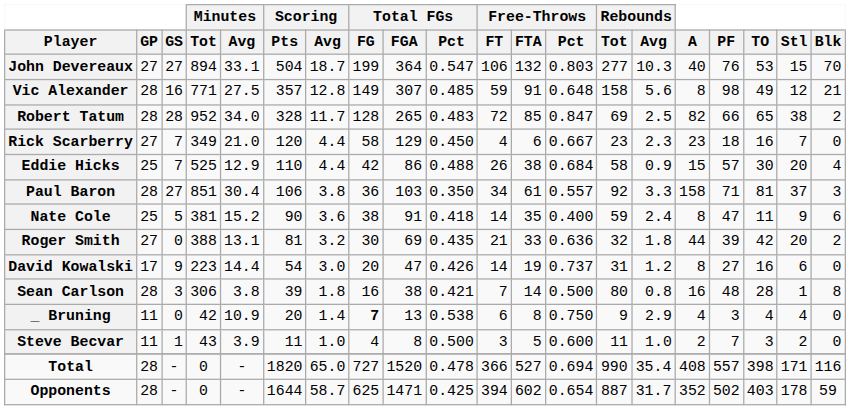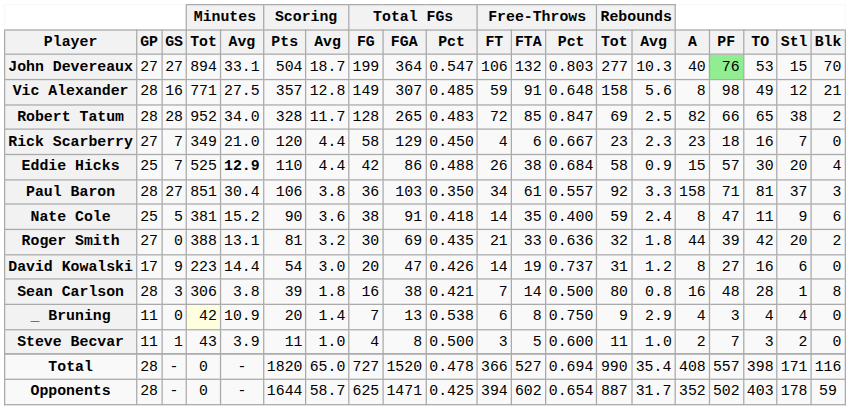 <table class="wikitable sortable" border="1" style="font-size:90%;">
 <tr>
 <th colspan="3" style="border-top-style:hidden; border-left-style:hidden; background: white;"></th>
 <th colspan="2" style=>Minutes</th>
 <th colspan="2" style=>Scoring</th>
 <th colspan="3" style=>Total FGs</th>
 <th colspan="3" style=>Free-Throws</th>
 <th colspan="2" style=>Rebounds</th>
 <th colspan="5" style="border-top-style:hidden; border-right-style:hidden; background: white;"></th>
 </tr>
 <tr>
 <th scope="col" style=>Player</th>
 <th scope="col" style=>GP</th>
 <th scope="col" style=>GS</th>
 <th scope="col" style=>Tot</th>
 <th scope="col" style=>Avg</th>
 <th scope="col" style=>Pts</th>
 <th scope="col" style=>Avg</th>
 <th scope="col" style=>FG</th>
 <th scope="col" style=>FGA</th>
 <th scope="col" style=>Pct</th>
 <th scope="col" style=>FT</th>
 <th scope="col" style=>FTA</th>
 <th scope="col" style=>Pct</th>
 <th scope="col" style=>Tot</th>
 <th scope="col" style=>Avg</th>
 <th scope="col" style=>A</th>
 <th scope="col" style=>PF</th>
 <th scope="col" style=>TO</th>
 <th scope="col" style=>Stl</th>
 <th scope="col" style=>Blk</th>
 </tr>
 <tr>
 <th>John Devereaux</th>
 <td align="right">27</td>
 <td align="right">27</td>
 <td align="right">894</td>
 <td align="right">33.1</td>
 <td align="right">504</td>
 <td align="right">18.7</td>
 <td align="right">199</td>
 <td align="right">364</td>
 <td align="right">0.547</td>
 <td align="right">106</td>
 <td align="right">132</td>
 <td align="right">0.803</td>
 <td align="right">277</td>
 <td align="right">10.3</td>
 <td align="right">40</td>
-<td align="right">76</td>
+<td align="right" style="background: lightgreen;">76</td>
 <td align="right">53</td>
 <td align="right">15</td>
 <td align="right">70</td>
 </tr>
 <tr>
 <th>Vic Alexander</th>
 <td align="right">28</td>
 <td align="right">16</td>
 <td align="right">771</td>
 <td align="right">27.5</td>
 <td align="right">357</td>
 <td align="right">12.8</td>
 <td align="right">149</td>
 <td align="right">307</td>
 <td align="right">0.485</td>
 <td align="right">59</td>
 <td align="right">91</td>
 <td align="right">0.648</td>
 <td align="right">158</td>
 <td align="right">5.6</td>
 <td align="right">8</td>
 <td align="right">98</td>
 <td align="right">49</td>
 <td align="right">12</td>
 <td align="right">21</td>
 </tr>
 <tr>
 <th>Robert Tatum</th>
 <td align="right">28</td>
 <td align="right">28</td>
 <td align="right">952</td>
 <td align="right">34.0</td>
 <td align="right">328</td>
 <td align="right">11.7</td>
 <td align="right">128</td>
 <td align="right">265</td>
 <td align="right">0.483</td>
 <td align="right">72</td>
 <td align="right">85</td>
 <td align="right">0.847</td>
 <td align="right">69</td>
 <td align="right">2.5</td>
 <td align="right">82</td>
 <td align="right">66</td>
 <td align="right">65</td>
 <td align="right">38</td>
 <td align="right">2</td>
 </tr>
 <tr>
 <th>Rick Scarberry</th>
 <td align="right">27</td>
 <td align="right">7</td>
 <td align="right">349</td>
 <td align="right">21.0</td>
 <td align="right">120</td>
 <td align="right">4.4</td>
 <td align="right">58</td>
 <td align="right">129</td>
 <td align="right">0.450</td>
 <td align="right">4</td>
 <td align="right">6</td>
 <td align="right">0.667</td>
 <td align="right">23</td>
 <td align="right">2.3</td>
 <td align="right">23</td>
 <td align="right">18</td>
 <td align="right">16</td>
 <td align="right">7</td>
 <td align="right">0</td>
 </tr>
 <tr>
 <th>Eddie Hicks</th>
 <td align="right">25</td>
 <td align="right">7</td>
 <td align="right">525</td>
-<td align="right">12.9</td>
+<td align="right"><strong>12.9</strong></td>
 <td align="right">110</td>
 <td align="right">4.4</td>
 <td align="right">42</td>
 <td align="right">86</td>
 <td align="right">0.488</td>
 <td align="right">26</td>
 <td align="right">38</td>
 <td align="right">0.684</td>
 <td align="right">58</td>
 <td align="right">0.9</td>
 <td align="right">15</td>
 <td align="right">57</td>
 <td align="right">30</td>
 <td align="right">20</td>
 <td align="right">4</td>
 </tr>
 <tr>
 <th>Paul Baron</th>
 <td align="right">28</td>
 <td align="right">27</td>
 <td align="right">851</td>
 <td align="right">30.4</td>
 <td align="right">106</td>
 <td align="right">3.8</td>
 <td align="right">36</td>
 <td align="right">103</td>
 <td align="right">0.350</td>
 <td align="right">34</td>
 <td align="right">61</td>
 <td align="right">0.557</td>
 <td align="right">92</td>
 <td align="right">3.3</td>
 <td align="right">158</td>
 <td align="right">71</td>
 <td align="right">81</td>
 <td align="right">37</td>
 <td align="right">3</td>
 </tr>
 <tr>
 <th>Nate Cole</th>
 <td align="right">25</td>
 <td align="right">5</td>
 <td align="right">381</td>
 <td align="right">15.2</td>
 <td align="right">90</td>
 <td align="right">3.6</td>
 <td align="right">38</td>
 <td align="right">91</td>
 <td align="right">0.418</td>
 <td align="right">14</td>
 <td align="right">35</td>
 <td align="right">0.400</td>
 <td align="right">59</td>
 <td align="right">2.4</td>
 <td align="right">8</td>
 <td align="right">47</td>
 <td align="right">11</td>
 <td align="right">9</td>
 <td align="right">6</td>
 </tr>
 <tr>
 <th>Roger Smith</th>
 <td align="right">27</td>
 <td align="right">0</td>
 <td align="right">388</td>
 <td align="right">13.1</td>
 <td align="right">81</td>
 <td align="right">3.2</td>
 <td align="right">30</td>
 <td align="right">69</td>
 <td align="right">0.435</td>
 <td align="right">21</td>
 <td align="right">33</td>
 <td align="right">0.636</td>
 <td align="right">32</td>
 <td align="right">1.8</td>
 <td align="right">44</td>
 <td align="right">39</td>
 <td align="right">42</td>
 <td align="right">20</td>
 <td align="right">2</td>
 </tr>
 <tr>
 <th>David Kowalski</th>
 <td align="right">17</td>
 <td align="right">9</td>
 <td align="right">223</td>
 <td align="right">14.4</td>
 <td align="right">54</td>
 <td align="right">3.0</td>
 <td align="right">20</td>
 <td align="right">47</td>
 <td align="right">0.426</td>
 <td align="right">14</td>
 <td align="right">19</td>
 <td align="right">0.737</td>
 <td align="right">31</td>
 <td align="right">1.2</td>
 <td align="right">8</td>
 <td align="right">27</td>
 <td align="right">16</td>
 <td align="right">6</td>
 <td align="right">0</td>
 </tr>
 <tr>
 <th>Sean Carlson</th>
 <td align="right">28</td>
 <td align="right">3</td>
 <td align="right">306</td>
 <td align="right">3.8</td>
 <td align="right">39</td>
 <td align="right">1.8</td>
 <td align="right">16</td>
 <td align="right">38</td>
 <td align="right">0.421</td>
 <td align="right">7</td>
 <td align="right">14</td>
 <td align="right">0.500</td>
 <td align="right">80</td>
 <td align="right">0.8</td>
 <td align="right">16</td>
 <td align="right">48</td>
 <td align="right">28</td>
 <td align="right">1</td>
 <td align="right">8</td>
 </tr>
 <tr>
 <th>_ Bruning</th>
 <td align="right">11</td>
 <td align="right">0</td>
-<td align="right">42</td>
+<td align="right" style="background: lightyellow;">42</td>
 <td align="right">10.9</td>
 <td align="right">20</td>
 <td align="right">1.4</td>
-<td align="right"><strong>7</strong></td>
+<td align="right">7</td>
 <td align="right">13</td>
 <td align="right">0.538</td>
 <td align="right">6</td>
 <td align="right">8</td>
 <td align="right">0.750</td>
 <td align="right">9</td>
 <td align="right">2.9</td>
 <td align="right">4</td>
 <td align="right">3</td>
 <td align="right">4</td>
 <td align="right">4</td>
 <td align="right">0</td>
 </tr>
 <tr>
 <th>Steve Becvar</th>
 <td align="right">11</td>
 <td align="right">1</td>
 <td align="right">43</td>
 <td align="right">3.9</td>
 <td align="right">11</td>
 <td align="right">1.0</td>
 <td align="right">4</td>
 <td align="right">8</td>
 <td align="right">0.500</td>
 <td align="right">3</td>
 <td align="right">5</td>
 <td align="right">0.600</td>
 <td align="right">11</td>
 <td align="right">1.0</td>
 <td align="right">2</td>
 <td align="right">7</td>
 <td align="right">3</td>
 <td align="right">2</td>
 <td align="right">0</td>
 </tr>
 <tr>
 </tr>
 <tr class="sortbottom">
 <td align="center" style=><strong>Total</strong></td>
 <td align="center" style=>28</td>
 <td align="center" style=>-</td>
 <td align="center" style=>0</td>
 <td align="center" style=>-</td>
 <td align="center" style=>1820</td>
 <td align="center" style=>65.0</td>
 <td align="center" style=>727</td>
 <td align="center" style=>1520</td>
 <td align="center" style=>0.478</td>
 <td align="center" style=>366</td>
 <td align="center" style=>527</td>
 <td align="center" style=>0.694</td>
 <td align="center" style=>990</td>
 <td align="center" style=>35.4</td>
 <td align="center" style=>408</td>
 <td align="center" style=>557</td>
 <td align="center" style=>398</td>
 <td align="center" style=>171</td>
 <td align="center" style=>116</td>
 </tr>
 <tr class="sortbottom">
 <td align="center"><strong>Opponents</strong></td>
 <td align="center">28</td>
 <td align="center">-</td>
 <td align="center">0</td>
 <td align="center">-</td>
 <td align="center">1644</td>
 <td align="center">58.7</td>
 <td align="center">625</td>
 <td align="center">1471</td>
 <td align="center">0.425</td>
 <td align="center">394</td>
 <td align="center">602</td>
 <td align="center">0.654</td>
 <td align="center">887</td>
 <td align="center">31.7</td>
 <td align="center">352</td>
 <td align="center">502</td>
 <td align="center">403</td>
 <td align="center">178</td>
 <td align="center">59</td>
 </tr>
 </table>
